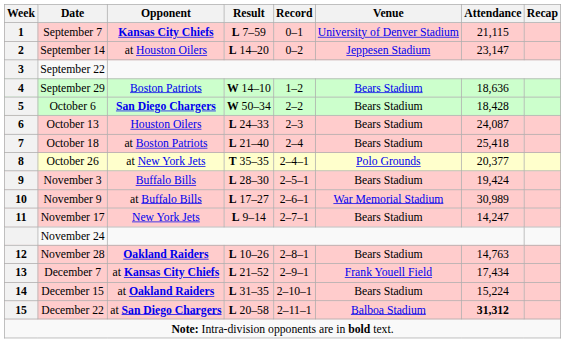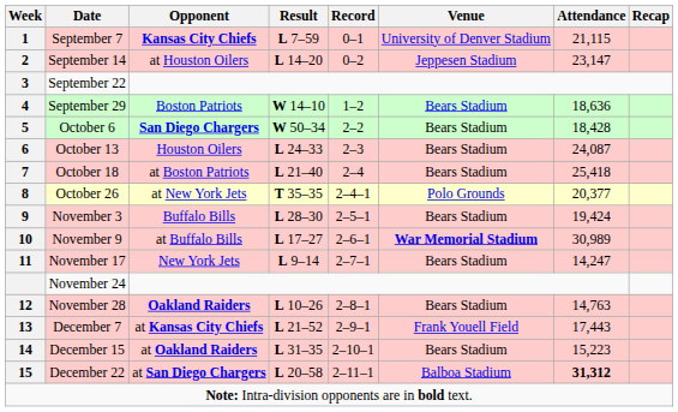 <table class="wikitable" style="text-align:center">
 <tr>
 <th>Week</th>
 <th>Date</th>
 <th>Opponent</th>
 <th>Result</th>
 <th>Record</th>
 <th>Venue</th>
 <th>Attendance</th>
 <th>Recap</th>
 </tr>
 <tr style="background:#fcc">
 <th>1</th>
 <td>September 7</td>
 <td><strong><a href='#'>Kansas City Chiefs</a></strong></td>
 <td><strong>L</strong> 7–59</td>
 <td>0–1</td>
 <td><a href='#'>University of Denver Stadium</a></td>
 <td>21,115</td>
 <td></td>
 </tr>
 <tr style="background:#fcc">
 <th>2</th>
 <td>September 14</td>
 <td>at <a href='#'>Houston Oilers</a></td>
 <td><strong>L</strong> 14–20</td>
 <td>0–2</td>
 <td><a href='#'>Jeppesen Stadium</a></td>
 <td>23,147</td>
 <td></td>
 </tr>
 <tr>
 <th>3</th>
 <td>September 22</td>
 <td colspan="7"></td>
 </tr>
 <tr style="background:#cfc">
 <th>4</th>
 <td>September 29</td>
 <td><a href='#'>Boston Patriots</a></td>
 <td><strong>W</strong> 14–10</td>
 <td>1–2</td>
 <td><a href='#'>Bears Stadium</a></td>
 <td>18,636</td>
 <td></td>
 </tr>
 <tr style="background:#cfc">
 <th>5</th>
 <td>October 6</td>
 <td><strong><a href='#'>San Diego Chargers</a></strong></td>
 <td><strong>W</strong> 50–34</td>
 <td>2–2</td>
 <td>Bears Stadium</td>
 <td>18,428</td>
 <td></td>
 </tr>
 <tr style="background:#fcc">
 <th>6</th>
 <td>October 13</td>
 <td><a href='#'>Houston Oilers</a></td>
 <td><strong>L</strong> 24–33</td>
 <td>2–3</td>
 <td>Bears Stadium</td>
 <td>24,087</td>
 <td></td>
 </tr>
 <tr style="background:#fcc">
 <th>7</th>
 <td>October 18</td>
 <td>at <a href='#'>Boston Patriots</a></td>
 <td><strong>L</strong> 21–40</td>
 <td>2–4</td>
 <td>Bears Stadium</td>
 <td>25,418</td>
 <td></td>
 </tr>
 <tr style="background:#ffc">
 <th>8</th>
 <td>October 26</td>
 <td>at <a href='#'>New York Jets</a></td>
 <td><strong>T</strong> 35–35</td>
 <td>2–4–1</td>
 <td><a href='#'>Polo Grounds</a></td>
 <td>20,377</td>
 <td></td>
 </tr>
 <tr style="background:#fcc">
 <th>9</th>
 <td>November 3</td>
 <td><a href='#'>Buffalo Bills</a></td>
 <td><strong>L</strong> 28–30</td>
 <td>2–5–1</td>
 <td>Bears Stadium</td>
 <td>19,424</td>
 <td></td>
 </tr>
 <tr style="background:#fcc">
 <th>10</th>
 <td>November 9</td>
 <td>at <a href='#'>Buffalo Bills</a></td>
 <td><strong>L</strong> 17–27</td>
 <td>2–6–1</td>
-<td><a href='#'>War Memorial Stadium</a></td>
+<td><strong><a href='#'>War Memorial Stadium</a></strong></td>
 <td>30,989</td>
 <td></td>
 </tr>
 <tr style="background:#fcc">
 <th>11</th>
 <td>November 17</td>
 <td><a href='#'>New York Jets</a></td>
 <td><strong>L</strong> 9–14</td>
 <td>2–7–1</td>
 <td>Bears Stadium</td>
 <td>14,247</td>
 <td></td>
 </tr>
 <tr>
 <th align=center></th>
 <td>November 24</td>
 <td colspan="5"></td>
 </tr>
 <tr style="background:#fcc">
 <th>12</th>
 <td>November 28</td>
 <td><strong><a href='#'>Oakland Raiders</a></strong></td>
 <td><strong>L</strong> 10–26</td>
 <td>2–8–1</td>
 <td>Bears Stadium</td>
 <td>14,763</td>
 <td></td>
 </tr>
 <tr style="background:#fcc">
 <th>13</th>
 <td>December 7</td>
 <td>at <strong><a href='#'>Kansas City Chiefs</a></strong></td>
 <td><strong>L</strong> 21–52</td>
 <td>2–9–1</td>
 <td><a href='#'>Frank Youell Field</a></td>
-<td>17,434</td>
+<td>17,443</td>
 <td></td>
 </tr>
 <tr style="background:#fcc">
 <th>14</th>
 <td>December 15</td>
 <td>at <strong><a href='#'>Oakland Raiders</a></strong></td>
 <td><strong>L</strong> 31–35</td>
 <td>2–10–1</td>
 <td>Bears Stadium</td>
-<td>15,224</td>
+<td>15,223</td>
 <td></td>
 </tr>
 <tr style="background:#fcc">
 <th>15</th>
 <td>December 22</td>
 <td>at <strong><a href='#'>San Diego Chargers</a></strong></td>
 <td><strong>L</strong> 20–58</td>
 <td>2–11–1</td>
 <td><a href='#'>Balboa Stadium</a></td>
 <td><strong>31,312</strong></td>
 <td></td>
 </tr>
 <tr>
 <td colspan="8"><strong>Note:</strong> Intra-division opponents are in <strong>bold</strong> text.</td>
 </tr>
 </table>
